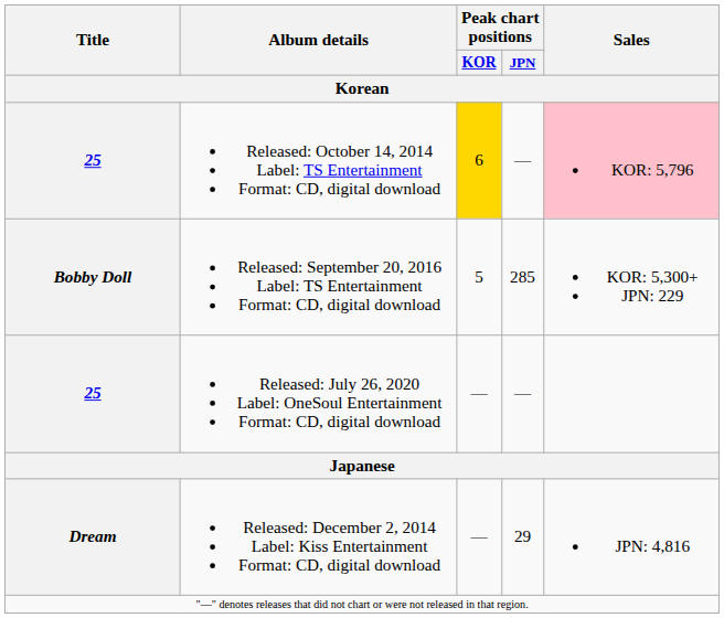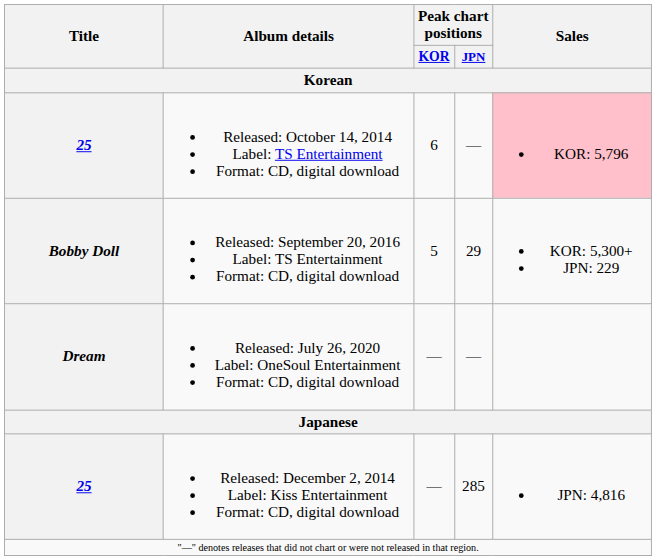 <table class="wikitable plainrowheaders" style="text-align:center">
 <tr>
 <th scope="col" rowspan="2" style="width:10em">Title</th>
 <th scope="col" rowspan="2" style="width:16em">Album details</th>
 <th scope="col" colspan="2">Peak chart positions</th>
 <th scope="col" rowspan="2" style="width:10em">Sales</th>
 </tr>
 <tr>
 <th scope="col" style="width:2.5em;font-size:90%"><a href='#'>KOR</a><br></th>
 <th scope="col" style="width:2.5em;font-size:85%"><a href='#'>JPN</a><br></th>
 </tr>
 <tr>
 <th colspan="5">Korean</th>
 </tr>
 <tr>
 <th scope="row"><em><a href='#'>25</a></em></th>
 <td><br><ul><li>Released: October 14, 2014</li><li>Label: <a href='#'>TS Entertainment</a></li><li>Format: CD, digital download</li></ul></td>
-<td style="background: gold;">6</td>
+<td>6</td>
 <td>—</td>
 <td style="background: pink;"><br><ul><li>KOR: 5,796</li></ul></td>
 </tr>
 <tr>
 <th scope="row"><em>Bobby Doll</em></th>
 <td><br><ul><li>Released: September 20, 2016</li><li>Label: TS Entertainment</li><li>Format: CD, digital download</li></ul></td>
 <td>5</td>
-<td>285</td>
+<td>29</td>
 <td><br><ul><li>KOR: 5,300+</li><li>JPN:   229</li></ul></td>
 </tr>
 <tr>
-<th scope="row"><em><a href='#'>25</a></em></th>
+<th scope="row"><em>Dream</em></th>
 <td><br><ul><li>Released: July 26, 2020</li><li>Label: OneSoul Entertainment</li><li>Format: CD, digital download</li></ul></td>
 <td>—</td>
 <td>—</td>
 <td></td>
 </tr>
 <tr>
 <th colspan="5">Japanese</th>
 </tr>
 <tr>
-<th scope="row"><em>Dream</em></th>
+<th scope="row"><em><a href='#'>25</a></em></th>
 <td><br><ul><li>Released: December 2, 2014</li><li>Label: Kiss Entertainment</li><li>Format: CD, digital download</li></ul></td>
 <td>—</td>
-<td>29</td>
+<td>285</td>
 <td><br><ul><li>JPN:  4,816</li></ul></td>
 </tr>
 <tr>
 <td colspan="5" style="font-size:8pt">"—" denotes releases that did not chart or were not released in that region.</td>
 </tr>
 </table>
